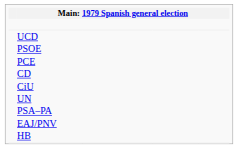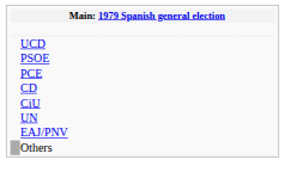 <table class="infobox vcard" style="width:23.0em; padding:0.3em; padding-bottom:0em;" cellspacing=0>
 <tr>
 <td style="background:#F2F2F2; vertical-align:middle; padding:0.4em;" width="30px"></td>
 <th colspan="4" style="text-align:center; background:#F2F2F2; font-size:0.85em; width:100%; vertical-align:middle;">Main: <a href='#'>1979 Spanish general election</a></th>
 </tr>
 <tr>
 <td colspan="5" style="text-align:center; font-size:0.85em; padding:0.5em 0em;">  </td>
 </tr>
 <tr>
 <td colspan="5"></td>
 </tr>
 <tr>
 <td colspan="5"></td>
 </tr>
 <tr>
 <th colspan="2" width="85px" style="background:#F2F2F2;"></th>
 <th width="70px" style="background:#F2F2F2;"></th>
 <th width="45px" style="background:#F2F2F2;"></th>
 <th width="30px" style="background:#F2F2F2;"></th>
 </tr>
 <tr>
 <td style="background:"></td>
 <td><a href='#'>UCD</a></td>
 <td></td>
 <td></td>
 <td></td>
 </tr>
 <tr>
 <td style="background:"></td>
 <td><a href='#'>PSOE</a></td>
 <td></td>
 <td></td>
 <td></td>
 </tr>
 <tr>
 <td style="background:"></td>
 <td><a href='#'>PCE</a></td>
 <td></td>
 <td></td>
 <td></td>
 </tr>
 <tr>
 <td style="background:"></td>
 <td><a href='#'>CD</a></td>
 <td></td>
 <td></td>
 <td></td>
 </tr>
 <tr>
 <td style="background:"></td>
 <td><a href='#'>CiU</a></td>
 <td></td>
 <td></td>
 <td></td>
 </tr>
 <tr>
 <td style="background:"></td>
 <td><a href='#'>UN</a></td>
 <td></td>
 <td></td>
 <td></td>
 </tr>
 <tr>
 <td style="background:"></td>
-<td><a href='#'>PSA–PA</a></td>
-<td></td>
-<td></td>
-<td></td>
-</tr>
-<tr>
-<td style="background:"></td>
 <td><a href='#'>EAJ/PNV</a></td>
 <td></td>
 <td></td>
 <td></td>
 </tr>
 <tr>
-<td style="background:"></td>
-<td><a href='#'>HB</a></td>
+<td style="background:#AAAAAA;"></td>
+<td>Others</td>
 <td></td>
 <td></td>
 <td></td>
 </tr>
 <tr>
 <th colspan="2" style="background:#F2F2F2;"></th>
 <th style="background:#F2F2F2;"></th>
 <th style="background:#F2F2F2;"></th>
 <th style="background:#F2F2F2;"></th>
 </tr>
 </table>
